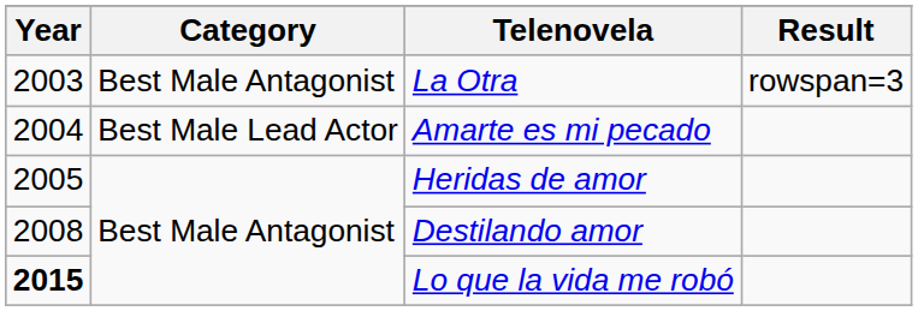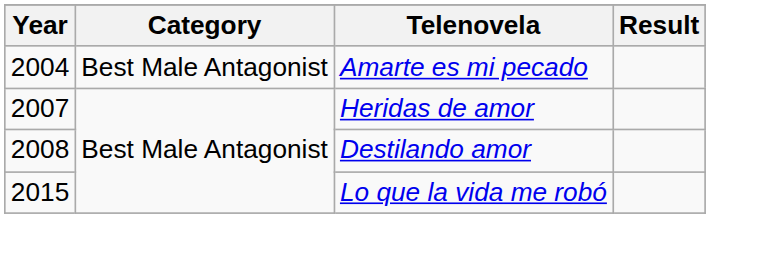 <table class="wikitable sortable">
 <tr bgcolor=grey>
 </tr>
 <tr>
 <th>Year</th>
 <th>Category</th>
 <th>Telenovela</th>
 <th>Result</th>
 </tr>
 <tr>
-<td>2003</td>
+<td>2004</td>
 <td>Best Male Antagonist</td>
-<td><em><a href='#'>La Otra</a></em></td>
-<td>rowspan=3 </td>
-</tr>
-<tr>
-<td>2004</td>
-<td>Best Male Lead Actor</td>
 <td><em><a href='#'>Amarte es mi pecado</a></em></td>
 </tr>
 <tr>
-<td>2005</td>
+<td>2007</td>
 <td rowspan=3>Best Male Antagonist</td>
 <td><em><a href='#'>Heridas de amor</a></em></td>
 <td></td>
 </tr>
 <tr>
 <td>2008</td>
 <td><em><a href='#'>Destilando amor</a></em></td>
 <td></td>
 </tr>
 <tr>
-<td><strong>2015</strong></td>
+<td>2015</td>
 <td><em><a href='#'>Lo que la vida me robó</a></em></td>
 <td></td>
 </tr>
 </table>
